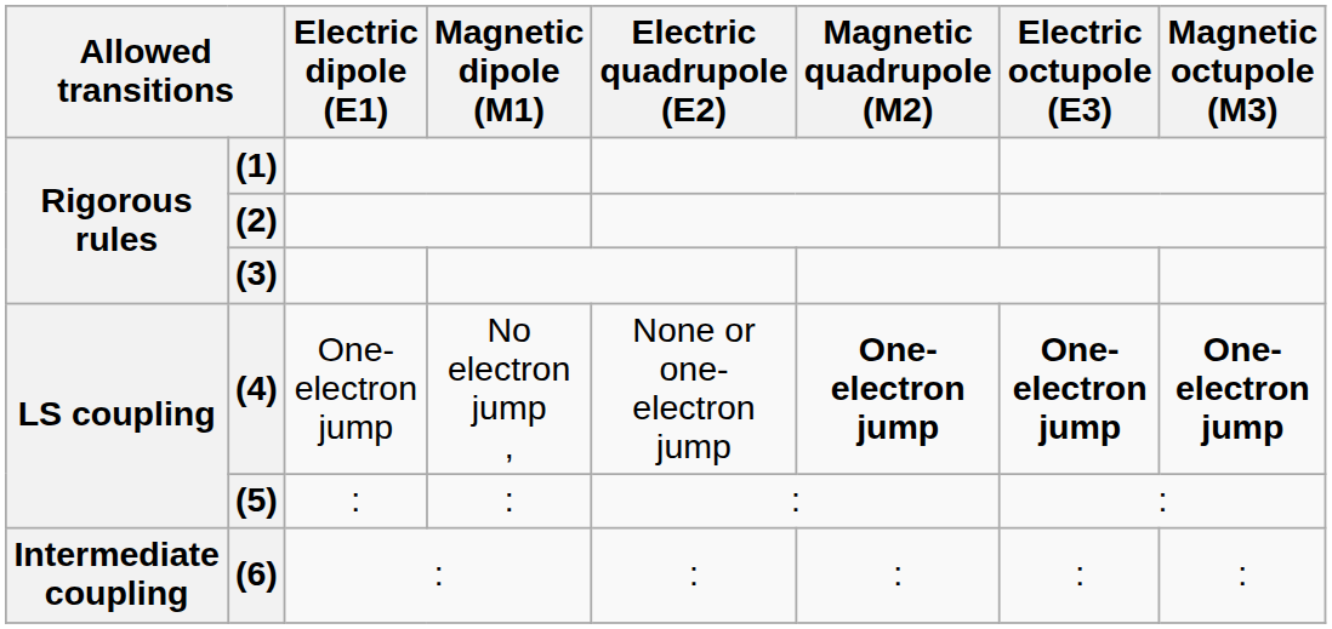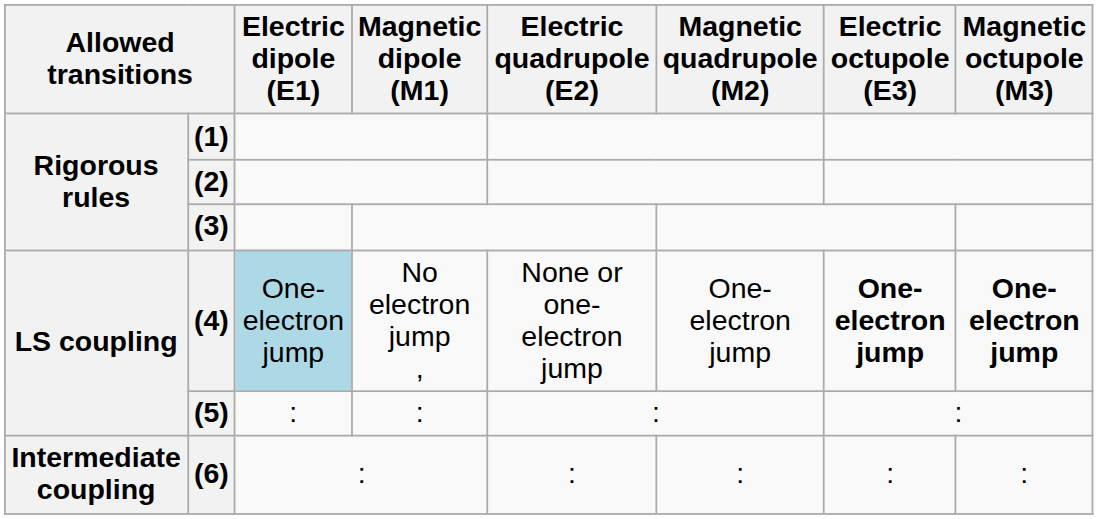 <table class="wikitable" style="text-align:center">
 <tr>
 <th colspan=2>Allowed transitions</th>
 <th>Electric dipole (E1)</th>
 <th>Magnetic dipole (M1)</th>
 <th>Electric quadrupole (E2)</th>
 <th>Magnetic quadrupole (M2)</th>
 <th>Electric octupole (E3)</th>
 <th>Magnetic octupole (M3)</th>
 </tr>
 <tr>
 <th rowspan=3>Rigorous rules</th>
 <th>(1)</th>
 <td colspan=2></td>
 <td colspan=2></td>
 <td colspan=2></td>
 </tr>
 <tr>
 <th>(2)</th>
 <td colspan=2></td>
 <td colspan=2></td>
 <td colspan=2></td>
 </tr>
 <tr>
 <th>(3)</th>
 <td></td>
 <td colspan=2></td>
 <td colspan=2></td>
 <td></td>
 </tr>
 <tr>
 <th rowspan=2>LS coupling</th>
 <th>(4)</th>
-<td>One-electron jump<br></td>
+<td style="background: lightblue;">One-electron jump<br></td>
 <td>No electron jump<br>,<br></td>
 <td>None or one-electron jump<br></td>
-<td><strong>One-electron jump<br></strong></td>
+<td>One-electron jump<br></td>
 <td><strong>One-electron jump<br></strong></td>
 <td><strong>One-electron jump<br></strong></td>
 </tr>
 <tr>
 <th>(5)</th>
 <td>:<br></td>
 <td>:<br></td>
 <td colspan=2>:<br></td>
 <td colspan=2>:<br></td>
 </tr>
 <tr>
 <th>Intermediate coupling</th>
 <th>(6)</th>
 <td colspan=2>:<br></td>
 <td>:<br></td>
 <td>:<br></td>
 <td>:<br></td>
 <td>:<br></td>
 </tr>
 </table>
